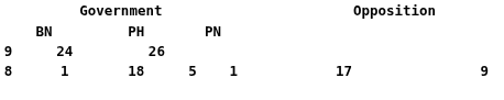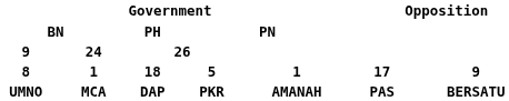 <table style="width:40em;">
 <tr style="text-align:center;">
 <td colspan="5" style="color:"><strong>Government</strong></td>
 <td colspan="2" style="color:"><strong>Opposition</strong></td>
 </tr>
 <tr style="text-align:center;">
 <td colspan="2" style="color:"><strong>BN</strong></td>
 <td style="color:"><strong>PH</strong></td>
 <td colspan="2" style="color:"><strong>PN</strong></td>
 </tr>
 <tr style="text-align:center;">
 <td style="background:"><strong>9</strong></td>
 <td style="background:"><strong>24</strong></td>
 <td colspan="2" style="background:"><strong>26</strong></td>
 </tr>
 <tr style="text-align:center;">
 <td style="background:"><strong>8</strong></td>
 <td style="background:"><strong>1</strong></td>
 <td style="background:"><strong>18</strong></td>
 <td style="background:"><strong>5</strong></td>
 <td style="background:"><strong>1</strong></td>
 <td style="background:"><strong>17</strong></td>
 <td style="background:"><strong>9</strong></td>
 </tr>
+<tr style="text-align:center;">
+<td style="color:"><strong>UMNO</strong></td>
+<td style="color:"><strong>MCA</strong></td>
+<td style="color:"><strong>DAP</strong></td>
+<td style="color:"><strong>PKR</strong></td>
+<td style="color:"><strong>AMANAH</strong></td>
+<td style="color:"><strong>PAS</strong></td>
+<td style="color:"><strong>BERSATU</strong></td>
+</tr>
 </table>
